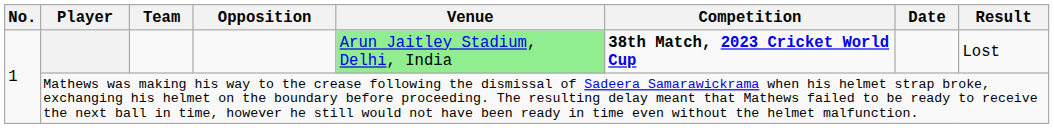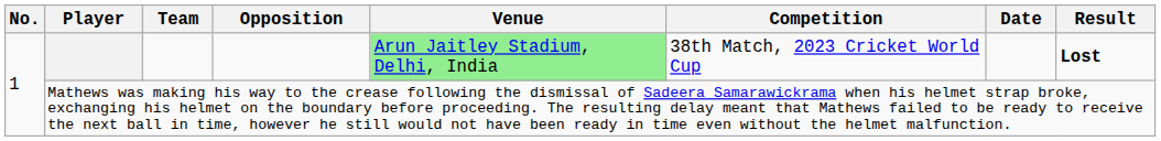 <table class="wikitable sortable plainrowheaders">
 <tr>
 <th scope="col">No.</th>
 <th scope="col">Player</th>
 <th scope="col">Team</th>
 <th scope="col">Opposition</th>
 <th scope="col">Venue</th>
 <th scope="col">Competition</th>
 <th scope="col">Date</th>
 <th scope="col">Result</th>
 </tr>
 <tr>
 <td rowspan="2">1</td>
 <th scope="row"></th>
 <td></td>
 <td></td>
 <td style="background: lightgreen;"><a href='#'>Arun Jaitley Stadium</a>, <a href='#'>Delhi</a>, India</td>
-<td><strong>38th Match, <a href='#'>2023 Cricket World Cup</a></strong></td>
+<td>38th Match, <a href='#'>2023 Cricket World Cup</a></td>
 <td></td>
-<td>Lost</td>
+<td><strong>Lost</strong></td>
 </tr>
 <tr>
 <td colspan="7" style="font-size: 85%">Mathews was making his way to the crease following the dismissal of <a href='#'>Sadeera Samarawickrama</a> when his helmet strap broke, exchanging his helmet on the boundary before proceeding. The resulting delay meant that Mathews failed to be ready to receive the next ball in time, however he still would not have been ready in time even without the helmet malfunction.</td>
 </tr>
 </table>
